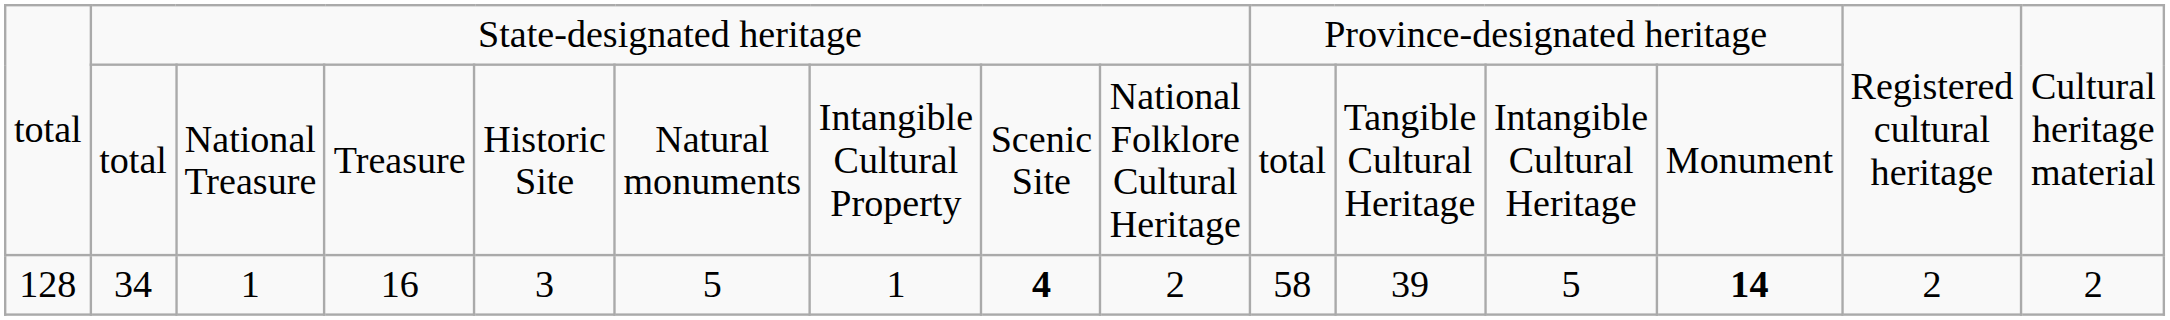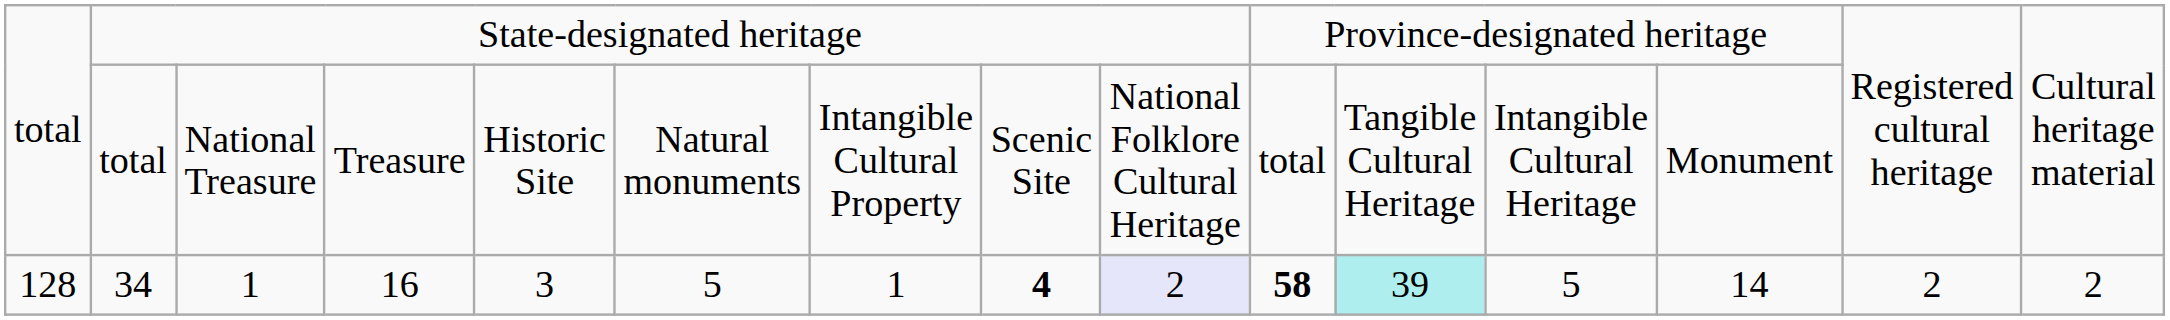 <table class="wikitable" style="text-align:center;">
 <tr>
 <td rowspan="2">total</td>
 <td colspan="8">State-designated heritage</td>
 <td colspan="4">Province-designated heritage</td>
 <td rowspan="2">Registered cultural heritage</td>
 <td rowspan="2">Cultural heritage material</td>
 </tr>
 <tr>
 <td>total</td>
 <td>National Treasure</td>
 <td>Treasure</td>
 <td>Historic Site</td>
 <td>Natural monuments</td>
 <td>Intangible Cultural Property</td>
 <td>Scenic Site</td>
 <td>National Folklore Cultural Heritage</td>
 <td>total</td>
 <td>Tangible Cultural Heritage</td>
 <td>Intangible Cultural Heritage</td>
 <td>Monument</td>
 </tr>
 <tr>
 <td>128</td>
 <td>34</td>
 <td>1</td>
 <td>16</td>
 <td>3</td>
 <td>5</td>
 <td>1</td>
 <td><strong>4</strong></td>
-<td>2</td>
-<td>58</td>
-<td>39</td>
+<td style="background: lavender;">2</td>
+<td><strong>58</strong></td>
+<td style="background: paleturquoise;">39</td>
 <td>5</td>
-<td><strong>14</strong></td>
+<td>14</td>
 <td>2</td>
 <td>2</td>
 </tr>
 </table>
